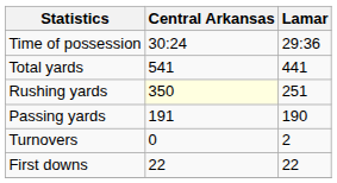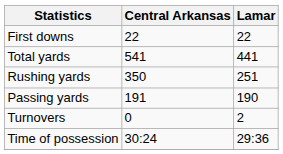 <table class="wikitable" style="float: left;">
 <tr>
 <th>Statistics</th>
 <th><strong>Central Arkansas</strong></th>
 <th><strong>Lamar</strong></th>
 </tr>
 <tr>
-<td>Time of possession</td>
-<td>30:24</td>
-<td>29:36</td>
+<td>First downs</td>
+<td>22</td>
+<td>22</td>
 </tr>
 <tr>
 <td>Total yards</td>
 <td>541</td>
 <td>441</td>
 </tr>
 <tr>
 <td>Rushing yards</td>
-<td style="background: lightyellow;">350</td>
+<td>350</td>
 <td>251</td>
 </tr>
 <tr>
 <td>Passing yards</td>
 <td>191</td>
 <td>190</td>
 </tr>
 <tr>
 <td>Turnovers</td>
 <td>0</td>
 <td>2</td>
 </tr>
 <tr>
-<td>First downs</td>
-<td>22</td>
-<td>22</td>
+<td>Time of possession</td>
+<td>30:24</td>
+<td>29:36</td>
 </tr>
 <tr>
 </tr>
 </table>
